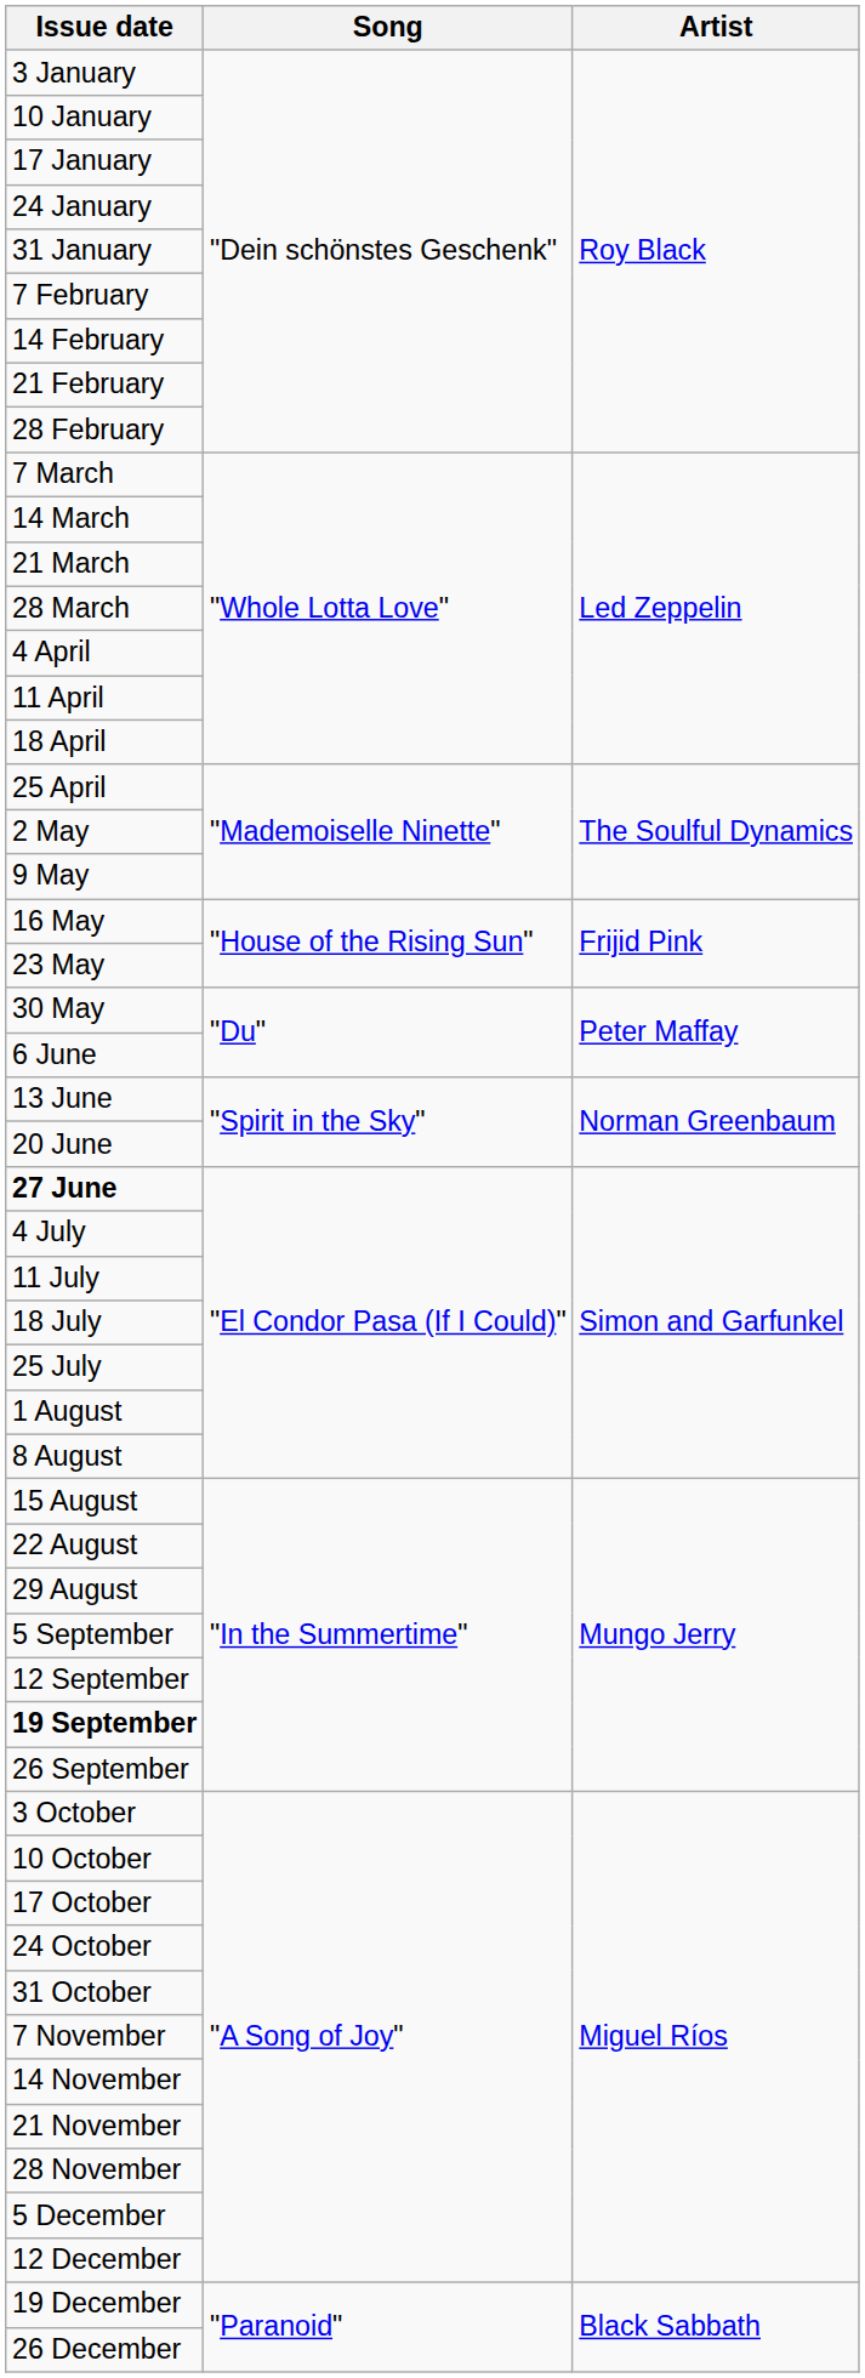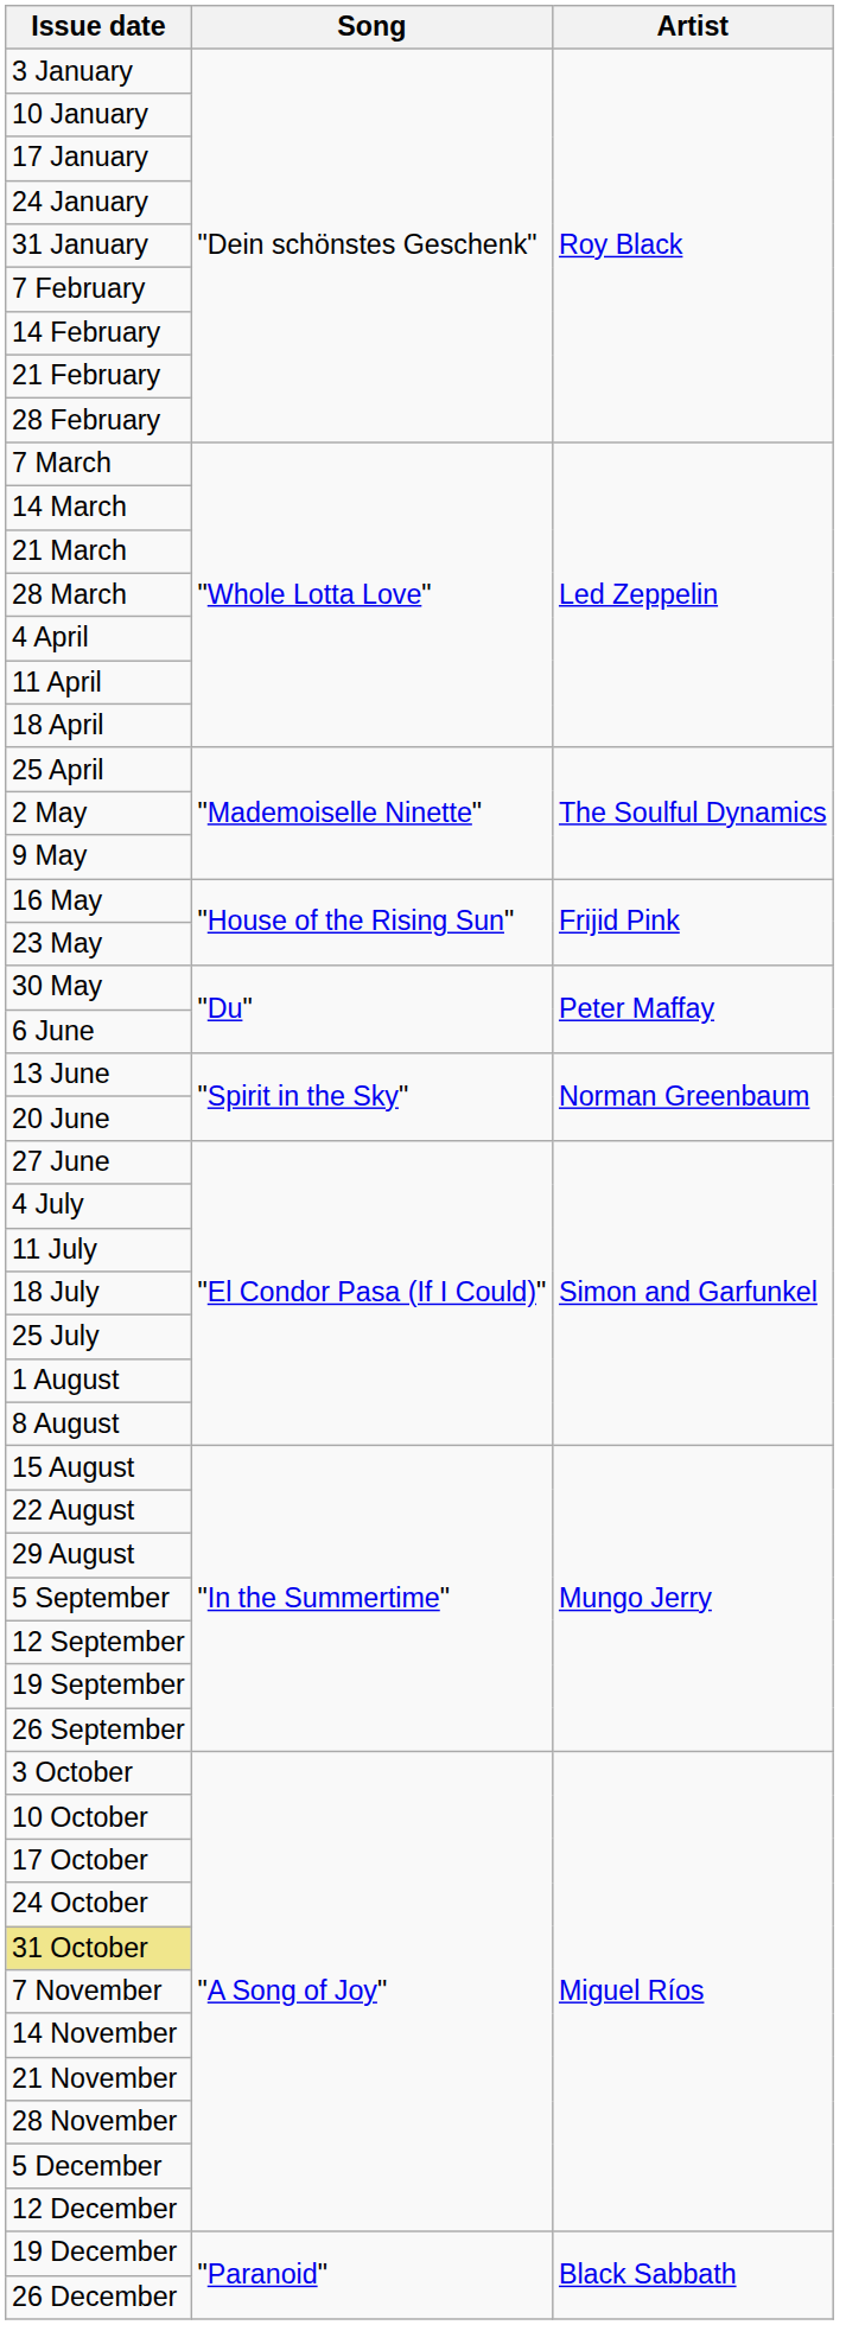 <table class="sortable wikitable">
 <tr>
 <th>Issue date</th>
 <th>Song</th>
 <th>Artist</th>
 </tr>
 <tr>
 <td>3 January</td>
 <td rowspan="9">"Dein schönstes Geschenk"</td>
 <td rowspan="9"><a href='#'>Roy Black</a></td>
 </tr>
 <tr>
 <td>10 January</td>
 </tr>
 <tr>
 <td>17 January</td>
 </tr>
 <tr>
 <td>24 January</td>
 </tr>
 <tr>
 <td>31 January</td>
 </tr>
 <tr>
 <td>7 February</td>
 </tr>
 <tr>
 <td>14 February</td>
 </tr>
 <tr>
 <td>21 February</td>
 </tr>
 <tr>
 <td>28 February</td>
 </tr>
 <tr>
 <td>7 March</td>
 <td rowspan="7">"<a href='#'>Whole Lotta Love</a>"</td>
 <td rowspan="7"><a href='#'>Led Zeppelin</a></td>
 </tr>
 <tr>
 <td>14 March</td>
 </tr>
 <tr>
 <td>21 March</td>
 </tr>
 <tr>
 <td>28 March</td>
 </tr>
 <tr>
 <td>4 April</td>
 </tr>
 <tr>
 <td>11 April</td>
 </tr>
 <tr>
 <td>18 April</td>
 </tr>
 <tr>
 <td>25 April</td>
 <td rowspan="3">"<a href='#'>Mademoiselle Ninette</a>"</td>
 <td rowspan="3"><a href='#'>The Soulful Dynamics</a></td>
 </tr>
 <tr>
 <td>2 May</td>
 </tr>
 <tr>
 <td>9 May</td>
 </tr>
 <tr>
 <td>16 May</td>
 <td rowspan="2">"<a href='#'>House of the Rising Sun</a>"</td>
 <td rowspan="2"><a href='#'>Frijid Pink</a></td>
 </tr>
 <tr>
 <td>23 May</td>
 </tr>
 <tr>
 <td>30 May</td>
 <td rowspan="2">"<a href='#'>Du</a>"</td>
 <td rowspan="2"><a href='#'>Peter Maffay</a></td>
 </tr>
 <tr>
 <td>6 June</td>
 </tr>
 <tr>
 <td>13 June</td>
 <td rowspan="2">"<a href='#'>Spirit in the Sky</a>"</td>
 <td rowspan="2"><a href='#'>Norman Greenbaum</a></td>
 </tr>
 <tr>
 <td>20 June</td>
 </tr>
 <tr>
-<td><strong>27 June</strong></td>
+<td>27 June</td>
 <td rowspan="7">"<a href='#'>El Condor Pasa (If I Could)</a>"</td>
 <td rowspan="7"><a href='#'>Simon and Garfunkel</a></td>
 </tr>
 <tr>
 <td>4 July</td>
 </tr>
 <tr>
 <td>11 July</td>
 </tr>
 <tr>
 <td>18 July</td>
 </tr>
 <tr>
 <td>25 July</td>
 </tr>
 <tr>
 <td>1 August</td>
 </tr>
 <tr>
 <td>8 August</td>
 </tr>
 <tr>
 <td>15 August</td>
 <td rowspan="7">"<a href='#'>In the Summertime</a>"</td>
 <td rowspan="7"><a href='#'>Mungo Jerry</a></td>
 </tr>
 <tr>
 <td>22 August</td>
 </tr>
 <tr>
 <td>29 August</td>
 </tr>
 <tr>
 <td>5 September</td>
 </tr>
 <tr>
 <td>12 September</td>
 </tr>
 <tr>
-<td><strong>19 September</strong></td>
+<td>19 September</td>
 </tr>
 <tr>
 <td>26 September</td>
 </tr>
 <tr>
 <td>3 October</td>
 <td rowspan="11">"<a href='#'>A Song of Joy</a>"</td>
 <td rowspan="11"><a href='#'>Miguel Ríos</a></td>
 </tr>
 <tr>
 <td>10 October</td>
 </tr>
 <tr>
 <td>17 October</td>
 </tr>
 <tr>
 <td>24 October</td>
 </tr>
 <tr>
-<td>31 October</td>
+<td style="background: khaki;">31 October</td>
 </tr>
 <tr>
 <td>7 November</td>
 </tr>
 <tr>
 <td>14 November</td>
 </tr>
 <tr>
 <td>21 November</td>
 </tr>
 <tr>
 <td>28 November</td>
 </tr>
 <tr>
 <td>5 December</td>
 </tr>
 <tr>
 <td>12 December</td>
 </tr>
 <tr>
 <td>19 December</td>
 <td rowspan="2">"<a href='#'>Paranoid</a>"</td>
 <td rowspan="2"><a href='#'>Black Sabbath</a></td>
 </tr>
 <tr>
 <td>26 December</td>
 </tr>
 </table>
